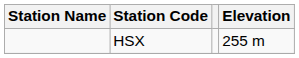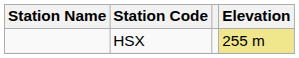 <table class="wikitable sortable">
 <tr>
 <th>Station Name</th>
 <th>Station Code</th>
 <th></th>
 <th>Elevation</th>
 </tr>
 <tr>
 <td></td>
 <td>HSX</td>
 <td></td>
-<td>255 m</td>
+<td style="background: khaki;">255 m</td>
 </tr>
 <tr>
 </tr>
 </table>
